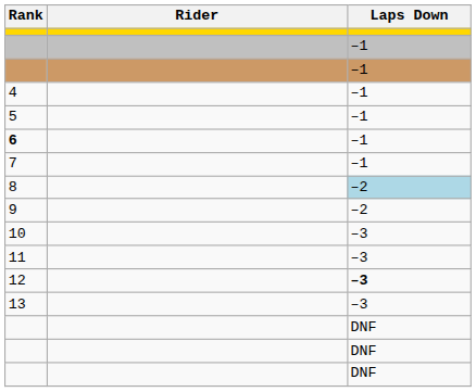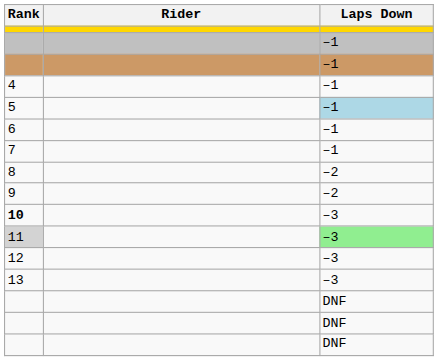 <table class="wikitable" style="font-size:95%" style="width:35em;" style="text-align:center">
 <tr>
 <th>Rank</th>
 <th width=250>Rider</th>
 <th width=100>Laps Down</th>
 </tr>
 <tr bgcolor=gold>
 <td></td>
 <td align=left></td>
 <td></td>
 </tr>
 <tr bgcolor=silver>
 <td></td>
 <td align=left></td>
 <td>–1</td>
 </tr>
 <tr bgcolor=cc9966>
 <td></td>
 <td align=left></td>
 <td>–1</td>
 </tr>
 <tr>
 <td>4</td>
 <td align=left></td>
 <td>–1</td>
 </tr>
 <tr>
 <td>5</td>
 <td align=left></td>
-<td>–1</td>
+<td style="background: lightblue;">–1</td>
 </tr>
 <tr>
-<td><strong>6</strong></td>
+<td>6</td>
 <td align=left></td>
 <td>–1</td>
 </tr>
 <tr>
 <td>7</td>
 <td align=left></td>
 <td>–1</td>
 </tr>
 <tr>
 <td>8</td>
 <td align=left></td>
-<td style="background: lightblue;">–2</td>
+<td>–2</td>
 </tr>
 <tr>
 <td>9</td>
 <td align=left></td>
 <td>–2</td>
 </tr>
 <tr>
-<td>10</td>
+<td><strong>10</strong></td>
 <td align=left></td>
 <td>–3</td>
 </tr>
 <tr>
-<td>11</td>
+<td style="background: lightgrey;">11</td>
 <td align=left></td>
-<td>–3</td>
+<td style="background: lightgreen;">–3</td>
 </tr>
 <tr>
 <td>12</td>
 <td align=left></td>
-<td><strong>–3</strong></td>
+<td>–3</td>
 </tr>
 <tr>
 <td>13</td>
 <td align=left></td>
 <td>–3</td>
 </tr>
 <tr>
 <td></td>
 <td align=left></td>
 <td>DNF</td>
 </tr>
 <tr>
 <td></td>
 <td align=left></td>
 <td>DNF</td>
 </tr>
 <tr>
 <td></td>
 <td align=left></td>
 <td>DNF</td>
 </tr>
 <tr>
 </tr>
 </table>
